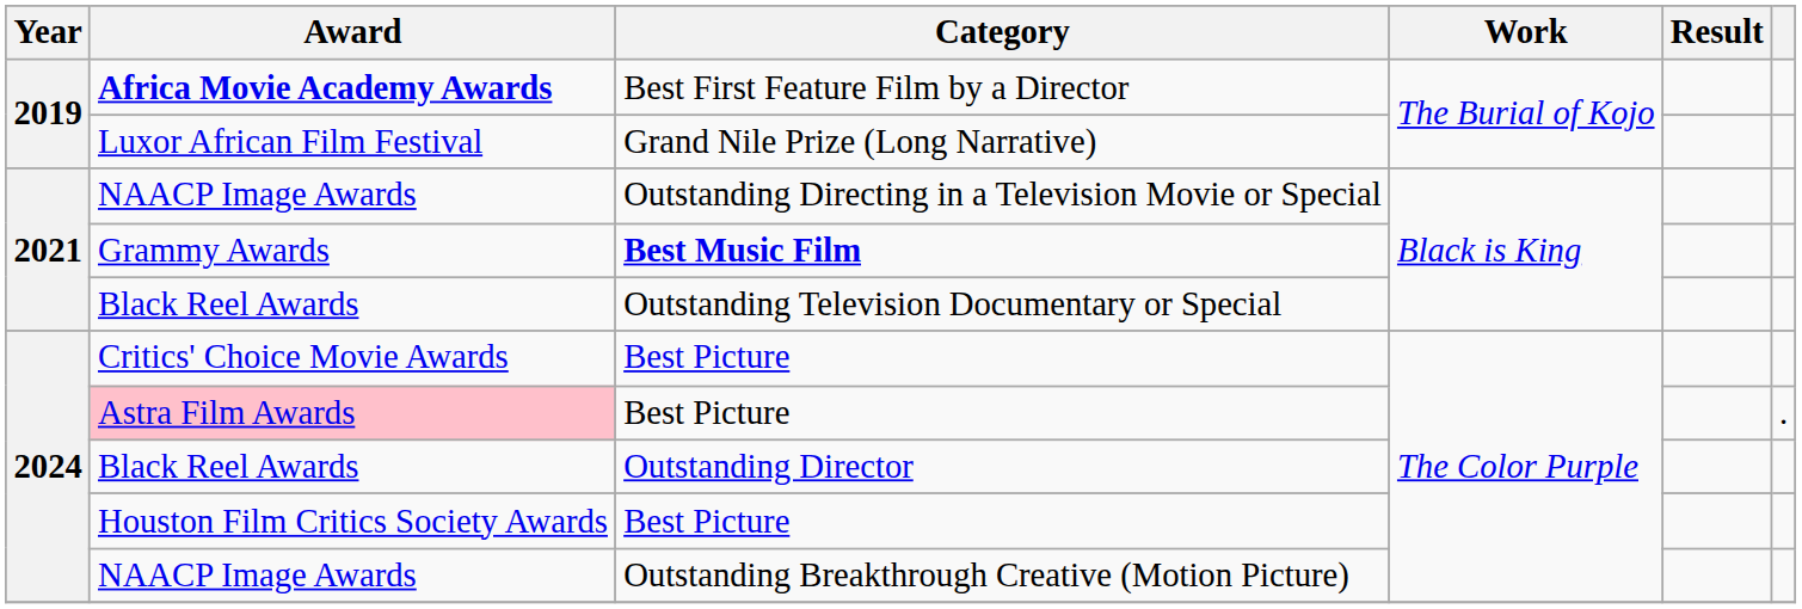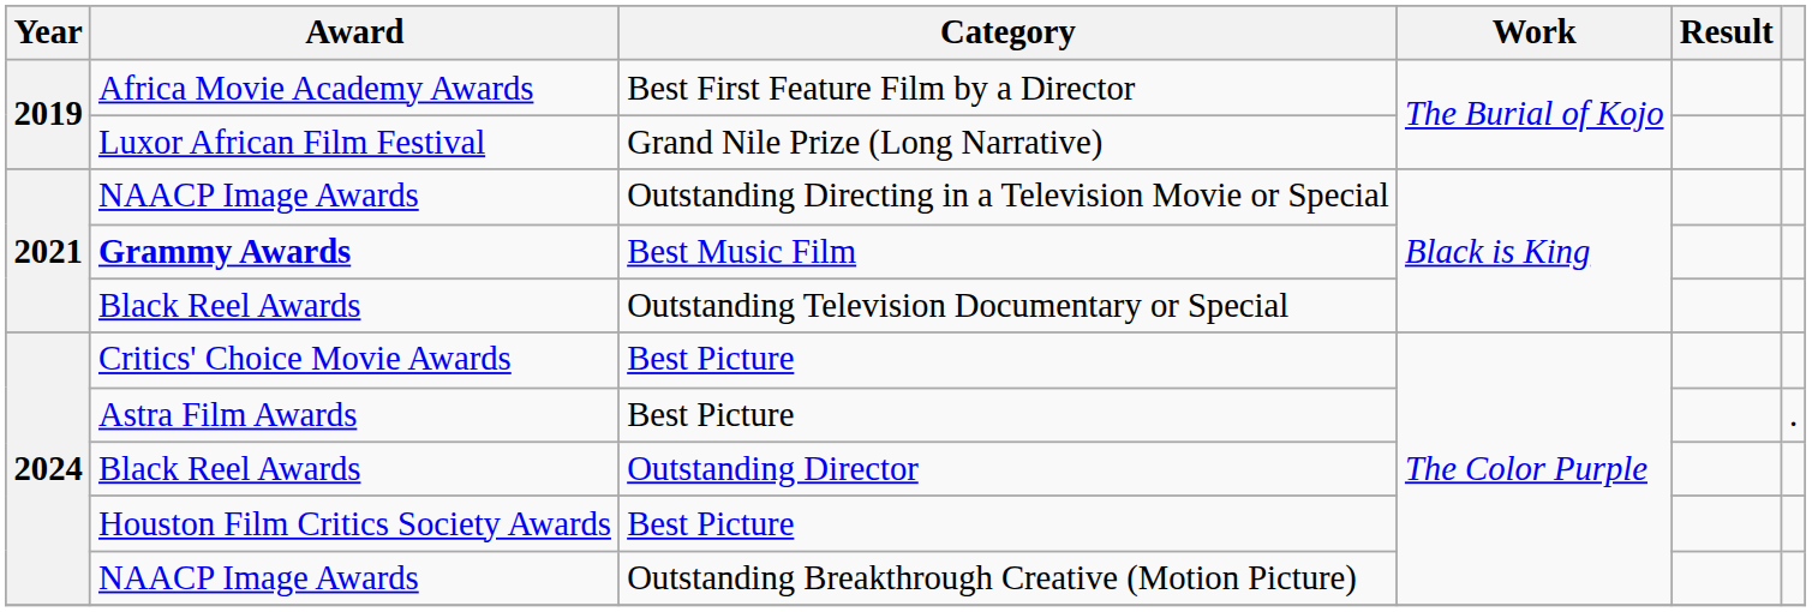 <table class="wikitable sortable plainrowheaders">
 <tr>
 <th scope="col">Year</th>
 <th scope="col">Award</th>
 <th scope="col">Category</th>
 <th scope="col">Work</th>
 <th scope="col">Result</th>
 <th scope="col" class="unsortable"></th>
 </tr>
 <tr>
 <th rowspan="2" scope="row">2019</th>
-<td><strong><a href='#'>Africa Movie Academy Awards</a></strong></td>
+<td><a href='#'>Africa Movie Academy Awards</a></td>
 <td>Best First Feature Film by a Director</td>
 <td rowspan="2"><em><a href='#'>The Burial of Kojo</a></em></td>
 <td></td>
 <td style="text-align: center;"></td>
 </tr>
 <tr>
 <td><a href='#'>Luxor African Film Festival</a></td>
 <td>Grand Nile Prize (Long Narrative)</td>
 <td></td>
 <td style="text-align: center;"></td>
 </tr>
 <tr>
 <th rowspan="3" scope="row">2021</th>
 <td><a href='#'>NAACP Image Awards</a></td>
 <td>Outstanding Directing in a Television Movie or Special</td>
 <td rowspan="3"><em><a href='#'>Black is King</a></em></td>
 <td></td>
 <td style="text-align: center;"></td>
 </tr>
 <tr>
-<td><a href='#'>Grammy Awards</a></td>
-<td><strong><a href='#'>Best Music Film</a></strong></td>
+<td><strong><a href='#'>Grammy Awards</a></strong></td>
+<td><a href='#'>Best Music Film</a></td>
 <td></td>
 <td style="text-align: center;"></td>
 </tr>
 <tr>
 <td><a href='#'>Black Reel Awards</a></td>
 <td>Outstanding Television Documentary or Special</td>
 <td></td>
 <td style="text-align: center;"></td>
 </tr>
 <tr>
 <th rowspan="5" scope="row">2024</th>
 <td><a href='#'>Critics' Choice Movie Awards</a></td>
 <td><a href='#'>Best Picture</a></td>
 <td rowspan="5"><em><a href='#'>The Color Purple</a></em></td>
 <td></td>
 <td style="text-align: center;"></td>
 </tr>
 <tr>
-<td style="background: pink;"><a href='#'>Astra Film Awards</a></td>
+<td><a href='#'>Astra Film Awards</a></td>
 <td>Best Picture</td>
 <td></td>
 <td style="text-align: center;">.</td>
 </tr>
 <tr>
 <td><a href='#'>Black Reel Awards</a></td>
 <td><a href='#'>Outstanding Director</a></td>
 <td></td>
 <td style="text-align: center;"></td>
 </tr>
 <tr>
 <td><a href='#'>Houston Film Critics Society Awards</a></td>
 <td><a href='#'>Best Picture</a></td>
 <td></td>
 <td style="text-align: center;"></td>
 </tr>
 <tr>
 <td><a href='#'>NAACP Image Awards</a></td>
 <td>Outstanding Breakthrough Creative (Motion Picture)</td>
 <td></td>
 <td style="text-align: center;"></td>
 </tr>
 <tr>
 </tr>
 </table>
